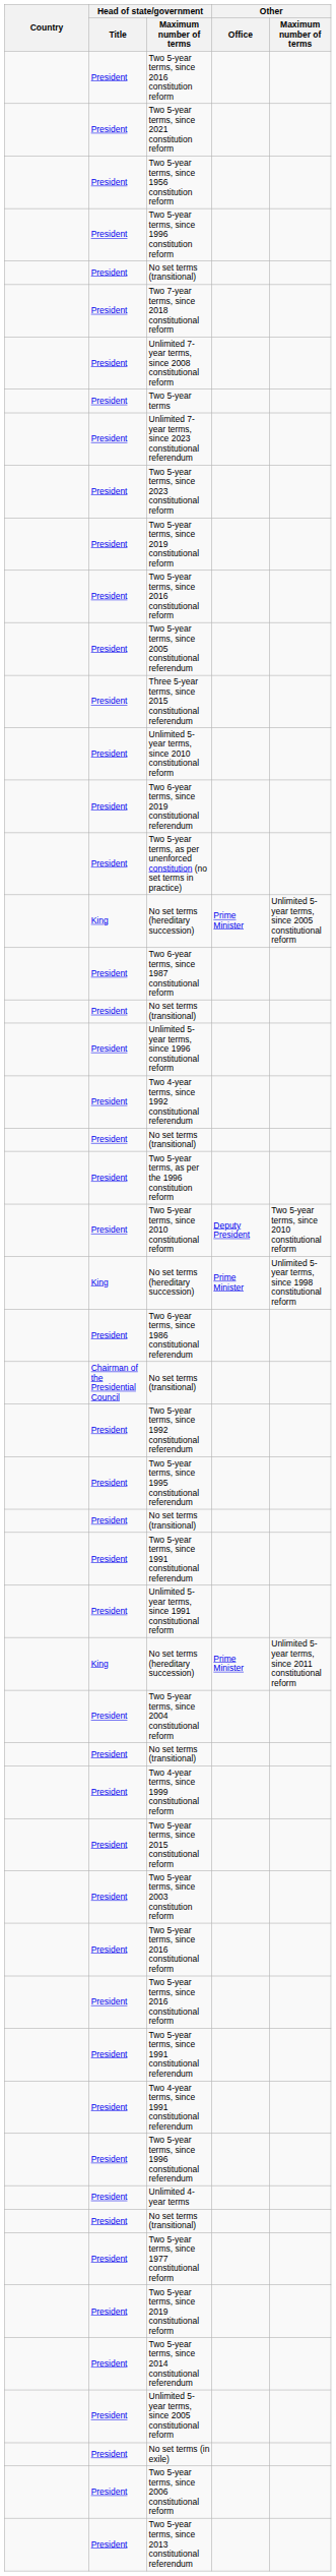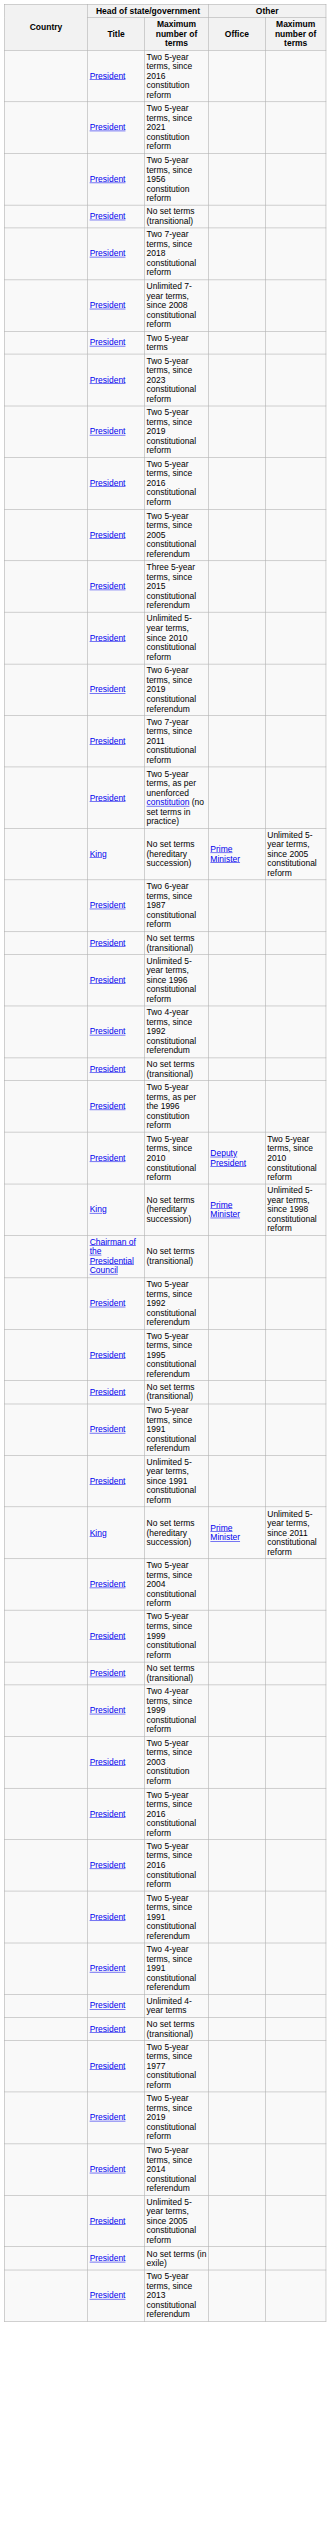 <table class="wikitable sortable">
 <tr>
 <th width=150 rowspan="2">Country</th>
 <th colspan="2">Head of state/government</th>
 <th colspan="2">Other</th>
 </tr>
 <tr>
 <th width=100>Title</th>
 <th>Maximum number of terms</th>
 <th width=100>Office</th>
 <th>Maximum number of terms</th>
 </tr>
 <tr>
 <td></td>
 <td><a href='#'>President</a></td>
 <td>Two 5-year terms, since 2016 constitution reform</td>
 <td></td>
 <td></td>
 </tr>
 <tr>
 <td></td>
 <td><a href='#'>President</a></td>
 <td>Two 5-year terms, since 2021 constitution reform</td>
 <td></td>
 <td></td>
 </tr>
 <tr>
 <td></td>
 <td><a href='#'>President</a></td>
 <td>Two 5-year terms, since 1956 constitution reform</td>
 <td></td>
 <td></td>
 </tr>
 <tr>
 <td></td>
 <td><a href='#'>President</a></td>
-<td>Two 5-year terms, since 1996 constitution reform</td>
-<td></td>
-<td></td>
-</tr>
-<tr>
-<td></td>
-<td><a href='#'>President</a></td>
 <td>No set terms (transitional)</td>
 <td></td>
 <td></td>
 </tr>
 <tr>
 <td></td>
 <td><a href='#'>President</a></td>
 <td>Two 7-year terms, since 2018 constitutional reform</td>
 <td></td>
 <td></td>
 </tr>
 <tr>
 <td></td>
 <td><a href='#'>President</a></td>
 <td>Unlimited 7-year terms, since 2008 constitutional reform</td>
 <td></td>
 <td></td>
 </tr>
 <tr>
 <td></td>
 <td><a href='#'>President</a></td>
 <td>Two 5-year terms</td>
-<td></td>
-<td></td>
-</tr>
-<tr>
-<td></td>
-<td><a href='#'>President</a></td>
-<td>Unlimited 7-year terms, since 2023 constitutional referendum</td>
 <td></td>
 <td></td>
 </tr>
 <tr>
 <td></td>
 <td><a href='#'>President</a></td>
 <td>Two 5-year terms, since 2023 constitutional reform</td>
 <td></td>
 <td></td>
 </tr>
 <tr>
 <td></td>
 <td><a href='#'>President</a></td>
 <td>Two 5-year terms, since 2019 constitutional reform</td>
 <td></td>
 <td></td>
 </tr>
 <tr>
 <td></td>
 <td><a href='#'>President</a></td>
 <td>Two 5-year terms, since 2016 constitutional reform</td>
 <td></td>
 <td></td>
 </tr>
 <tr>
 <td></td>
 <td><a href='#'>President</a></td>
 <td>Two 5-year terms, since 2005 constitutional referendum</td>
 <td></td>
 <td></td>
 </tr>
 <tr>
 <td></td>
 <td><a href='#'>President</a></td>
 <td>Three 5-year terms, since 2015 constitutional referendum</td>
 <td></td>
 <td></td>
 </tr>
 <tr>
 <td></td>
 <td><a href='#'>President</a></td>
 <td>Unlimited 5-year terms, since 2010 constitutional reform</td>
 <td></td>
 <td></td>
 </tr>
 <tr>
 <td></td>
 <td><a href='#'>President</a></td>
 <td>Two 6-year terms, since 2019 constitutional referendum</td>
+<td></td>
+<td></td>
+</tr>
+<tr>
+<td></td>
+<td><a href='#'>President</a></td>
+<td>Two 7-year terms, since 2011 constitutional reform</td>
 <td></td>
 <td></td>
 </tr>
 <tr>
 <td></td>
 <td><a href='#'>President</a></td>
 <td>Two 5-year terms, as per unenforced <a href='#'>constitution</a> (no set terms in practice)</td>
 <td></td>
 <td></td>
 </tr>
 <tr>
 <td></td>
 <td><a href='#'>King</a></td>
 <td>No set terms (hereditary succession)</td>
 <td><a href='#'>Prime Minister</a></td>
 <td>Unlimited 5-year terms, since 2005 constitutional reform</td>
 </tr>
 <tr>
 <td></td>
 <td><a href='#'>President</a></td>
 <td>Two 6-year terms, since 1987 constitutional reform</td>
 <td></td>
 <td></td>
 </tr>
 <tr>
 <td></td>
 <td><a href='#'>President</a></td>
 <td>No set terms (transitional)</td>
 <td></td>
 <td></td>
 </tr>
 <tr>
 <td></td>
 <td><a href='#'>President</a></td>
 <td>Unlimited 5-year terms, since 1996 constitutional reform</td>
 <td></td>
 <td></td>
 </tr>
 <tr>
 <td></td>
 <td><a href='#'>President</a></td>
 <td>Two 4-year terms, since 1992 constitutional referendum</td>
 <td></td>
 <td></td>
 </tr>
 <tr>
 <td></td>
 <td><a href='#'>President</a></td>
 <td>No set terms (transitional)</td>
 <td></td>
 <td></td>
 </tr>
 <tr>
 <td></td>
 <td><a href='#'>President</a></td>
 <td>Two 5-year terms, as per the 1996 constitution reform</td>
 <td></td>
 <td></td>
 </tr>
 <tr>
 <td></td>
 <td><a href='#'>President</a></td>
 <td>Two 5-year terms, since 2010 constitutional reform</td>
 <td><a href='#'>Deputy President</a></td>
 <td>Two 5-year terms, since 2010 constitutional reform</td>
 </tr>
 <tr>
 <td></td>
 <td><a href='#'>King</a></td>
 <td>No set terms (hereditary succession)</td>
 <td><a href='#'>Prime Minister</a></td>
 <td>Unlimited 5-year terms, since 1998 constitutional reform</td>
 </tr>
 <tr>
 <td></td>
-<td><a href='#'>President</a></td>
-<td>Two 6-year terms, since 1986 constitutional referendum</td>
-<td></td>
-<td></td>
-</tr>
-<tr>
-<td></td>
 <td><a href='#'>Chairman of the Presidential Council</a></td>
 <td>No set terms (transitional)</td>
 <td></td>
 <td></td>
 </tr>
 <tr>
 <td></td>
 <td><a href='#'>President</a></td>
 <td>Two 5-year terms, since 1992 constitutional referendum</td>
 <td></td>
 <td></td>
 </tr>
 <tr>
 <td></td>
 <td><a href='#'>President</a></td>
 <td>Two 5-year terms, since 1995 constitutional referendum</td>
 <td></td>
 <td></td>
 </tr>
 <tr>
 <td></td>
 <td><a href='#'>President</a></td>
 <td>No set terms (transitional)</td>
 <td></td>
 <td></td>
 </tr>
 <tr>
 <td></td>
 <td><a href='#'>President</a></td>
 <td>Two 5-year terms, since 1991 constitutional referendum</td>
 <td></td>
 <td></td>
 </tr>
 <tr>
 <td></td>
 <td><a href='#'>President</a></td>
 <td>Unlimited 5-year terms, since 1991 constitutional reform</td>
 <td></td>
 <td></td>
 </tr>
 <tr>
 <td></td>
 <td><a href='#'>King</a></td>
 <td>No set terms (hereditary succession)</td>
 <td><a href='#'>Prime Minister</a></td>
 <td>Unlimited 5-year terms, since 2011 constitutional reform</td>
 </tr>
 <tr>
 <td></td>
 <td><a href='#'>President</a></td>
 <td>Two 5-year terms, since 2004 constitutional reform</td>
 <td></td>
 <td></td>
 </tr>
 <tr>
 <td></td>
 <td><a href='#'>President</a></td>
+<td>Two 5-year terms, since 1999 constitutional reform</td>
+<td></td>
+<td></td>
+</tr>
+<tr>
+<td></td>
+<td><a href='#'>President</a></td>
 <td>No set terms (transitional)</td>
 <td></td>
 <td></td>
 </tr>
 <tr>
 <td></td>
 <td><a href='#'>President</a></td>
 <td>Two 4-year terms, since 1999 constitutional reform</td>
-<td></td>
-<td></td>
-</tr>
-<tr>
-<td></td>
-<td><a href='#'>President</a></td>
-<td>Two 5-year terms, since 2015 constitutional reform</td>
 <td></td>
 <td></td>
 </tr>
 <tr>
 <td></td>
 <td><a href='#'>President</a></td>
 <td>Two 5-year terms, since 2003 constitution reform</td>
 <td></td>
 <td></td>
 </tr>
 <tr>
 <td></td>
 <td><a href='#'>President</a></td>
 <td>Two 5-year terms, since 2016 constitutional reform</td>
 <td></td>
 <td></td>
 </tr>
 <tr>
 <td></td>
 <td><a href='#'>President</a></td>
 <td>Two 5-year terms, since 2016 constitutional reform</td>
 <td></td>
 <td></td>
 </tr>
 <tr>
 <td></td>
 <td><a href='#'>President</a></td>
 <td>Two 5-year terms, since 1991 constitutional referendum</td>
 <td></td>
 <td></td>
 </tr>
 <tr>
 <td></td>
 <td><a href='#'>President</a></td>
 <td>Two 4-year terms, since 1991 constitutional referendum</td>
-<td></td>
-<td></td>
-</tr>
-<tr>
-<td></td>
-<td><a href='#'>President</a></td>
-<td>Two 5-year terms, since 1996 constitutional referendum</td>
 <td></td>
 <td></td>
 </tr>
 <tr>
 <td></td>
 <td><a href='#'>President</a></td>
 <td>Unlimited 4-year terms</td>
 <td></td>
 <td></td>
 </tr>
 <tr>
 <td></td>
 <td><a href='#'>President</a></td>
 <td>No set terms (transitional)</td>
 <td></td>
 <td></td>
 </tr>
 <tr>
 <td></td>
 <td><a href='#'>President</a></td>
 <td>Two 5-year terms, since 1977 constitutional reform</td>
 <td></td>
 <td></td>
 </tr>
 <tr>
 <td></td>
 <td><a href='#'>President</a></td>
 <td>Two 5-year terms, since 2019 constitutional reform</td>
 <td></td>
 <td></td>
 </tr>
 <tr>
 <td></td>
 <td><a href='#'>President</a></td>
 <td>Two 5-year terms, since 2014 constitutional referendum</td>
 <td></td>
 <td></td>
 </tr>
 <tr>
 <td></td>
 <td><a href='#'>President</a></td>
 <td>Unlimited 5-year terms, since 2005 constitutional reform</td>
 <td></td>
 <td></td>
 </tr>
 <tr>
 <td></td>
 <td><a href='#'>President</a></td>
 <td>No set terms (in exile)</td>
 <td></td>
 <td></td>
 </tr>
 <tr>
 <td></td>
 <td><a href='#'>President</a></td>
-<td>Two 5-year terms, since 2006 constitutional reform</td>
-<td></td>
-<td></td>
-</tr>
-<tr>
-<td></td>
-<td><a href='#'>President</a></td>
 <td>Two 5-year terms, since 2013 constitutional referendum</td>
 <td></td>
 <td></td>
 </tr>
 </table>
